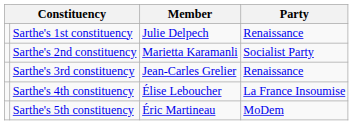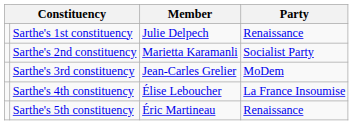 <table class="wikitable">
 <tr>
 <th colspan="2">Constituency</th>
 <th>Member</th>
 <th>Party</th>
 </tr>
 <tr>
 <td style="background-color: "></td>
 <td><a href='#'>Sarthe's 1st constituency</a></td>
 <td><a href='#'>Julie Delpech</a></td>
 <td><a href='#'>Renaissance</a></td>
 </tr>
 <tr>
 <td style="background-color: "></td>
 <td><a href='#'>Sarthe's 2nd constituency</a></td>
 <td><a href='#'>Marietta Karamanli</a></td>
 <td><a href='#'>Socialist Party</a></td>
 </tr>
 <tr>
 <td style="background-color: "></td>
 <td><a href='#'>Sarthe's 3rd constituency</a></td>
 <td><a href='#'>Jean-Carles Grelier</a></td>
-<td><a href='#'>Renaissance</a></td>
+<td><a href='#'>MoDem</a></td>
 </tr>
 <tr>
 <td style="background-color: "></td>
 <td><a href='#'>Sarthe's 4th constituency</a></td>
 <td><a href='#'>Élise Leboucher</a></td>
 <td><a href='#'>La France Insoumise</a></td>
 </tr>
 <tr>
 <td style="background-color: "></td>
 <td><a href='#'>Sarthe's 5th constituency</a></td>
 <td><a href='#'>Éric Martineau</a></td>
-<td><a href='#'>MoDem</a></td>
+<td><a href='#'>Renaissance</a></td>
 </tr>
 </table>
